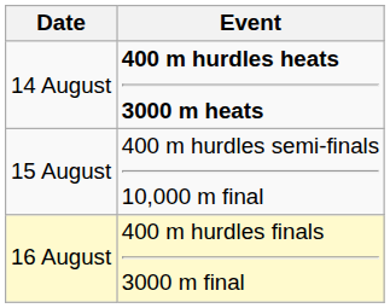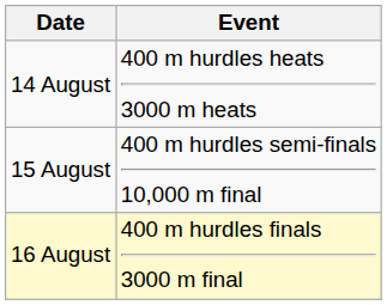 <table class="wikitable">
 <tr>
 <th>Date</th>
 <th>Event</th>
 </tr>
 <tr>
 <td>14 August</td>
-<td><strong>400 m hurdles heats<hr>3000 m heats</strong></td>
+<td>400 m hurdles heats<hr>3000 m heats</td>
 </tr>
 <tr>
 <td>15 August</td>
 <td>400 m hurdles semi-finals<hr>10,000 m final</td>
 </tr>
 <tr style=background:lemonchiffon>
 <td>16 August</td>
 <td>400 m hurdles finals<hr>3000 m final</td>
 </tr>
 </table>
